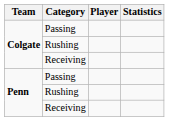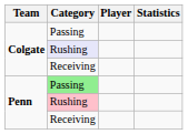 <table class="wikitable" style="float: right;">
 <tr>
 <th>Team</th>
 <th>Category</th>
 <th>Player</th>
 <th>Statistics</th>
 </tr>
 <tr>
 <td rowspan=3><strong>Colgate</strong></td>
 <td>Passing</td>
 <td></td>
 <td></td>
 </tr>
 <tr>
-<td>Rushing</td>
+<td style="background: lavender;">Rushing</td>
 <td></td>
 <td></td>
 </tr>
 <tr>
 <td>Receiving</td>
 <td></td>
 <td></td>
 </tr>
 <tr>
 <td rowspan=3><strong>Penn</strong></td>
-<td>Passing</td>
+<td style="background: lightgreen;">Passing</td>
 <td></td>
 <td></td>
 </tr>
 <tr>
-<td>Rushing</td>
+<td style="background: pink;">Rushing</td>
 <td></td>
 <td></td>
 </tr>
 <tr>
 <td>Receiving</td>
 <td></td>
 <td></td>
 </tr>
 </table>
